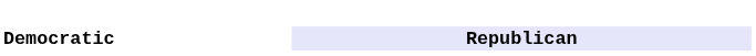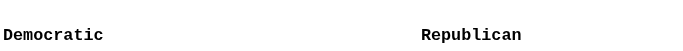 <table style="width:50em; text-align:center">
 <tr style="color:white">
 <td style="background:"><strong>64</strong></td>
 <td style="background:"><strong>36</strong></td>
 </tr>
 <tr>
 <td><span><strong>Democratic</strong></span></td>
-<td style="background: lavender;"><span><strong>Republican</strong></span></td>
+<td><span><strong>Republican</strong></span></td>
 </tr>
 </table>
